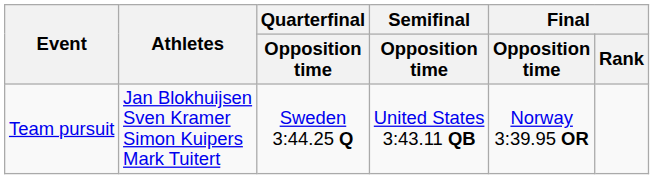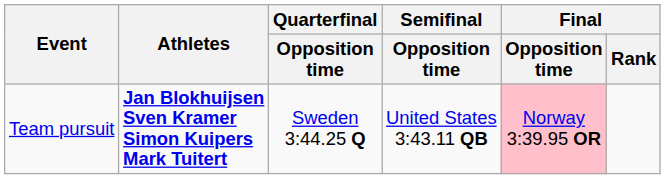 <table class="wikitable" border="1" style="font-size:90%">
 <tr>
 <th rowspan=2>Event</th>
 <th rowspan=2>Athletes</th>
 <th>Quarterfinal</th>
 <th>Semifinal</th>
 <th colspan=2>Final</th>
 </tr>
 <tr>
 <th>Opposition <br> time</th>
 <th>Opposition <br> time</th>
 <th>Opposition <br> time</th>
 <th>Rank</th>
 </tr>
 <tr>
 <td rowspan=1><a href='#'>Team pursuit</a></td>
-<td><a href='#'>Jan Blokhuijsen</a><br><a href='#'>Sven Kramer</a><br><a href='#'>Simon Kuipers</a><br><a href='#'>Mark Tuitert</a></td>
+<td><strong><a href='#'>Jan Blokhuijsen</a><br><a href='#'>Sven Kramer</a><br><a href='#'>Simon Kuipers</a><br><a href='#'>Mark Tuitert</a></strong></td>
 <td align=center> <a href='#'>Sweden</a><br>3:44.25 <strong>Q</strong></td>
 <td align=center><a href='#'>United States</a><br>3:43.11 <strong>QB</strong></td>
-<td align=center> <a href='#'>Norway</a><br>3:39.95 <strong>OR</strong></td>
+<td align=center style="background: pink;"> <a href='#'>Norway</a><br>3:39.95 <strong>OR</strong></td>
 <td align=center></td>
 </tr>
 </table>
